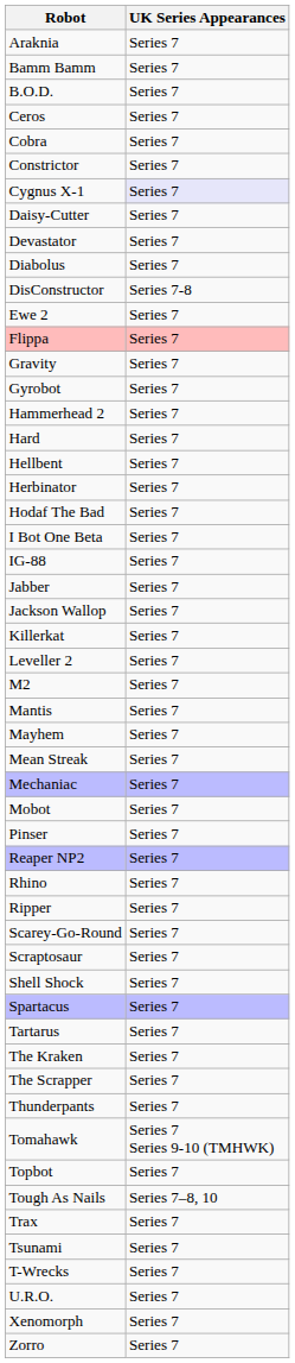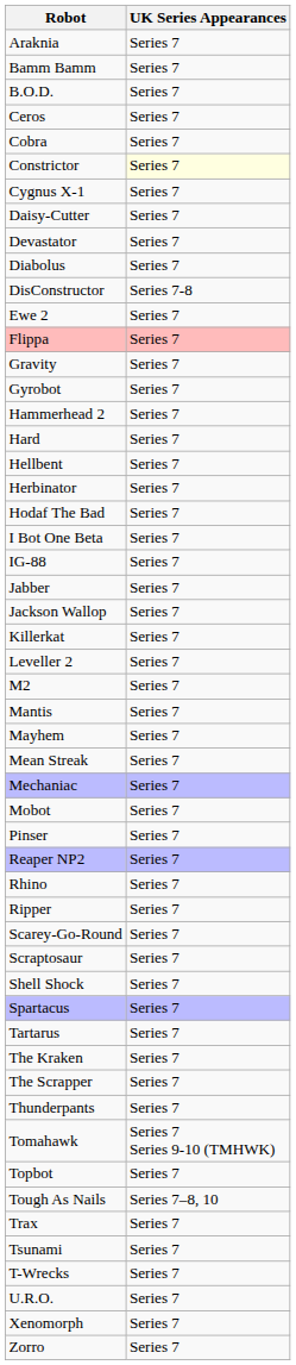 <table class="wikitable">
 <tr>
 <th>Robot</th>
 <th>UK Series Appearances</th>
 </tr>
 <tr>
 <td>Araknia</td>
 <td>Series 7</td>
 </tr>
 <tr>
 <td>Bamm Bamm</td>
 <td>Series 7</td>
 </tr>
 <tr>
 <td>B.O.D.</td>
 <td>Series 7</td>
 </tr>
 <tr>
 <td>Ceros</td>
 <td>Series 7</td>
 </tr>
 <tr>
 <td>Cobra</td>
 <td>Series 7</td>
 </tr>
 <tr>
 <td>Constrictor</td>
-<td>Series 7</td>
+<td style="background: lightyellow;">Series 7</td>
 </tr>
 <tr>
 <td>Cygnus X-1</td>
-<td style="background: lavender;">Series 7</td>
+<td>Series 7</td>
 </tr>
 <tr>
 <td>Daisy-Cutter</td>
 <td>Series 7</td>
 </tr>
 <tr>
 <td>Devastator</td>
 <td>Series 7</td>
 </tr>
 <tr>
 <td>Diabolus</td>
 <td>Series 7</td>
 </tr>
 <tr>
 <td>DisConstructor</td>
 <td>Series 7-8</td>
 </tr>
 <tr>
 <td>Ewe 2</td>
 <td>Series 7</td>
 </tr>
 <tr style="background: #FBB;">
 <td>Flippa</td>
 <td>Series 7</td>
 </tr>
 <tr>
 <td>Gravity</td>
 <td>Series 7</td>
 </tr>
 <tr>
 <td>Gyrobot</td>
 <td>Series 7</td>
 </tr>
 <tr>
 <td>Hammerhead 2</td>
 <td>Series 7</td>
 </tr>
 <tr>
 <td>Hard</td>
 <td>Series 7</td>
 </tr>
 <tr>
 <td>Hellbent</td>
 <td>Series 7</td>
 </tr>
 <tr>
 <td>Herbinator</td>
 <td>Series 7</td>
 </tr>
 <tr>
 <td>Hodaf The Bad</td>
 <td>Series 7</td>
 </tr>
 <tr>
 <td>I Bot One Beta</td>
 <td>Series 7</td>
 </tr>
 <tr>
 <td>IG-88</td>
 <td>Series 7</td>
 </tr>
 <tr>
 <td>Jabber</td>
 <td>Series 7</td>
 </tr>
 <tr>
 <td>Jackson Wallop</td>
 <td>Series 7</td>
 </tr>
 <tr>
 <td>Killerkat</td>
 <td>Series 7</td>
 </tr>
 <tr>
 <td>Leveller 2</td>
 <td>Series 7</td>
 </tr>
 <tr>
 <td>M2</td>
 <td>Series 7</td>
 </tr>
 <tr>
 <td>Mantis</td>
 <td>Series 7</td>
 </tr>
 <tr>
 <td>Mayhem</td>
 <td>Series 7</td>
 </tr>
 <tr>
 <td>Mean Streak</td>
 <td>Series 7</td>
 </tr>
 <tr style="background: #BBF;">
 <td>Mechaniac</td>
 <td>Series 7</td>
 </tr>
 <tr>
 <td>Mobot</td>
 <td>Series 7</td>
 </tr>
 <tr>
 <td>Pinser</td>
 <td>Series 7</td>
 </tr>
 <tr style="background: #BBF;">
 <td>Reaper NP2</td>
 <td>Series 7</td>
 </tr>
 <tr>
 <td>Rhino</td>
 <td>Series 7</td>
 </tr>
 <tr>
 <td>Ripper</td>
 <td>Series 7</td>
 </tr>
 <tr>
 <td>Scarey-Go-Round</td>
 <td>Series 7</td>
 </tr>
 <tr>
 <td>Scraptosaur</td>
 <td>Series 7</td>
 </tr>
 <tr>
 <td>Shell Shock</td>
 <td>Series 7</td>
 </tr>
 <tr style="background: #BBF;">
 <td>Spartacus</td>
 <td>Series 7</td>
 </tr>
 <tr>
 <td>Tartarus</td>
 <td>Series 7</td>
 </tr>
 <tr>
 <td>The Kraken</td>
 <td>Series 7</td>
 </tr>
 <tr>
 <td>The Scrapper</td>
 <td>Series 7</td>
 </tr>
 <tr>
 <td>Thunderpants</td>
 <td>Series 7</td>
 </tr>
 <tr>
 <td>Tomahawk</td>
 <td>Series 7<br>Series 9-10 (TMHWK)</td>
 </tr>
 <tr>
 <td>Topbot</td>
 <td>Series 7</td>
 </tr>
 <tr>
 <td>Tough As Nails</td>
 <td>Series 7–8, 10</td>
 </tr>
 <tr>
 <td>Trax</td>
 <td>Series 7</td>
 </tr>
 <tr>
 <td>Tsunami</td>
 <td>Series 7</td>
 </tr>
 <tr>
 <td>T-Wrecks</td>
 <td>Series 7</td>
 </tr>
 <tr>
 <td>U.R.O.</td>
 <td>Series 7</td>
 </tr>
 <tr>
 <td>Xenomorph</td>
 <td>Series 7</td>
 </tr>
 <tr>
 <td>Zorro</td>
 <td>Series 7</td>
 </tr>
 </table>
